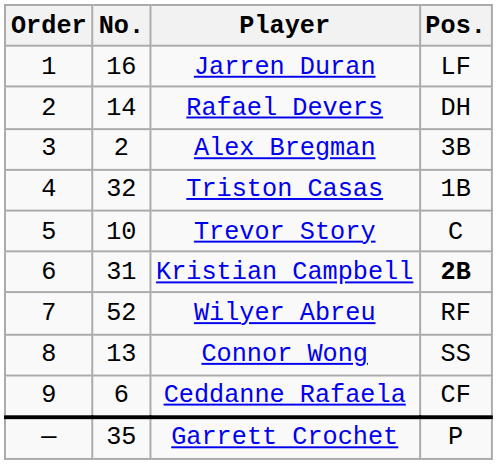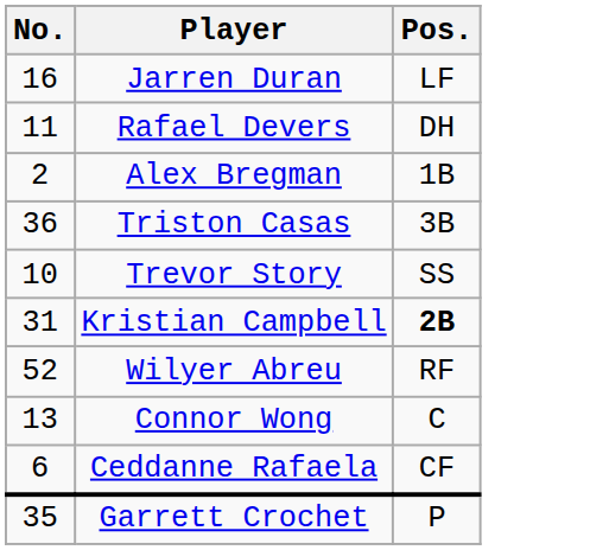 <table class="wikitable plainrowheaders" style="text-align:center;">
 <tr>
-<th>Order</th>
 <th>No.</th>
 <th>Player</th>
 <th>Pos.</th>
 </tr>
 <tr>
-<td>1</td>
 <td>16</td>
 <td><a href='#'>Jarren Duran</a></td>
 <td>LF</td>
 </tr>
 <tr>
-<td>2</td>
-<td>14</td>
+<td>11</td>
 <td><a href='#'>Rafael Devers</a></td>
 <td>DH</td>
 </tr>
 <tr>
-<td>3</td>
 <td>2</td>
 <td><a href='#'>Alex Bregman</a></td>
+<td>1B</td>
+</tr>
+<tr>
+<td>36</td>
+<td><a href='#'>Triston Casas</a></td>
 <td>3B</td>
 </tr>
 <tr>
-<td>4</td>
-<td>32</td>
-<td><a href='#'>Triston Casas</a></td>
-<td>1B</td>
+<td>10</td>
+<td><a href='#'>Trevor Story</a></td>
+<td>SS</td>
 </tr>
 <tr>
-<td>5</td>
-<td>10</td>
-<td><a href='#'>Trevor Story</a></td>
-<td>C</td>
-</tr>
-<tr>
-<td>6</td>
 <td>31</td>
 <td><a href='#'>Kristian Campbell</a></td>
 <td><strong>2B</strong></td>
 </tr>
 <tr>
-<td>7</td>
 <td>52</td>
 <td><a href='#'>Wilyer Abreu</a></td>
 <td>RF</td>
 </tr>
 <tr>
-<td>8</td>
 <td>13</td>
 <td><a href='#'>Connor Wong</a></td>
-<td>SS</td>
+<td>C</td>
 </tr>
 <tr style="border-bottom:2px solid black">
-<td>9</td>
 <td>6</td>
 <td><a href='#'>Ceddanne Rafaela</a></td>
 <td>CF</td>
 </tr>
 <tr>
-<td>—</td>
 <td>35</td>
 <td><a href='#'>Garrett Crochet</a></td>
 <td>P</td>
 </tr>
 </table>
